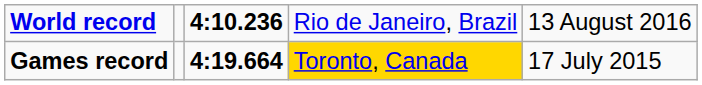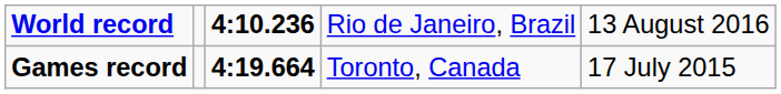 <table class="wikitable">
 <tr>
 <td><a href='#'><strong>World record</strong></a></td>
 <td></td>
 <td><strong>4:10.236</strong></td>
 <td><a href='#'>Rio de Janeiro</a>, <a href='#'>Brazil</a></td>
 <td>13 August 2016</td>
 </tr>
 <tr>
 <td><strong>Games record</strong></td>
 <td></td>
 <td><strong>4:19.664</strong></td>
-<td style="background: gold;"><a href='#'>Toronto</a>, <a href='#'>Canada</a></td>
+<td><a href='#'>Toronto</a>, <a href='#'>Canada</a></td>
 <td>17 July 2015</td>
 </tr>
 </table>
